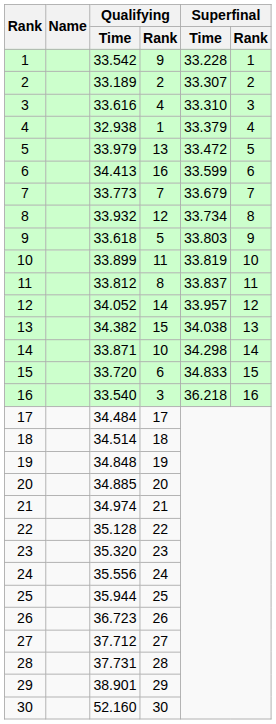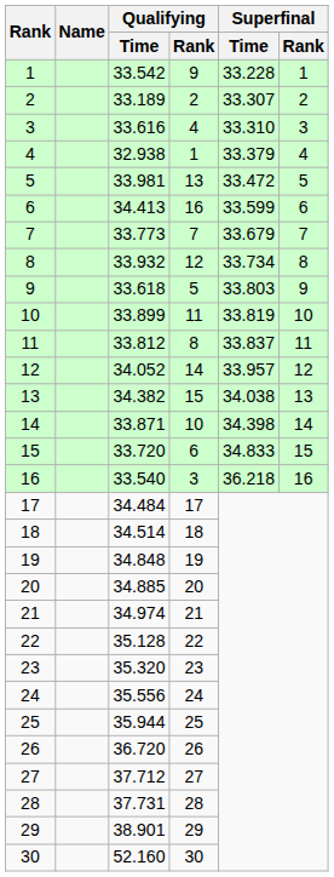 <table class="sortable wikitable" style="text-align:center;">
 <tr>
 <th rowspan=2>Rank</th>
 <th rowspan=2>Name</th>
 <th colspan=2>Qualifying</th>
 <th colspan=2>Superfinal</th>
 </tr>
 <tr>
 <th>Time</th>
 <th>Rank</th>
 <th>Time</th>
 <th>Rank</th>
 </tr>
 <tr bgcolor=ccffcc>
 <td>1</td>
 <td align=left></td>
 <td>33.542</td>
 <td>9</td>
 <td>33.228</td>
 <td>1</td>
 </tr>
 <tr bgcolor=ccffcc>
 <td>2</td>
 <td align=left></td>
 <td>33.189</td>
 <td>2</td>
 <td>33.307</td>
 <td>2</td>
 </tr>
 <tr bgcolor=ccffcc>
 <td>3</td>
 <td align=left></td>
 <td>33.616</td>
 <td>4</td>
 <td>33.310</td>
 <td>3</td>
 </tr>
 <tr bgcolor=ccffcc>
 <td>4</td>
 <td align=left></td>
 <td>32.938</td>
 <td>1</td>
 <td>33.379</td>
 <td>4</td>
 </tr>
 <tr bgcolor=ccffcc>
 <td>5</td>
 <td align=left></td>
-<td>33.979</td>
+<td>33.981</td>
 <td>13</td>
 <td>33.472</td>
 <td>5</td>
 </tr>
 <tr bgcolor=ccffcc>
 <td>6</td>
 <td align=left></td>
 <td>34.413</td>
 <td>16</td>
 <td>33.599</td>
 <td>6</td>
 </tr>
 <tr bgcolor=ccffcc>
 <td>7</td>
 <td align=left></td>
 <td>33.773</td>
 <td>7</td>
 <td>33.679</td>
 <td>7</td>
 </tr>
 <tr bgcolor=ccffcc>
 <td>8</td>
 <td align=left></td>
 <td>33.932</td>
 <td>12</td>
 <td>33.734</td>
 <td>8</td>
 </tr>
 <tr bgcolor=ccffcc>
 <td>9</td>
 <td align=left></td>
 <td>33.618</td>
 <td>5</td>
 <td>33.803</td>
 <td>9</td>
 </tr>
 <tr bgcolor=ccffcc>
 <td>10</td>
 <td align=left></td>
 <td>33.899</td>
 <td>11</td>
 <td>33.819</td>
 <td>10</td>
 </tr>
 <tr bgcolor=ccffcc>
 <td>11</td>
 <td align=left></td>
 <td>33.812</td>
 <td>8</td>
 <td>33.837</td>
 <td>11</td>
 </tr>
 <tr bgcolor=ccffcc>
 <td>12</td>
 <td align=left></td>
 <td>34.052</td>
 <td>14</td>
 <td>33.957</td>
 <td>12</td>
 </tr>
 <tr bgcolor=ccffcc>
 <td>13</td>
 <td align=left></td>
 <td>34.382</td>
 <td>15</td>
 <td>34.038</td>
 <td>13</td>
 </tr>
 <tr bgcolor=ccffcc>
 <td>14</td>
 <td align=left></td>
 <td>33.871</td>
 <td>10</td>
-<td>34.298</td>
+<td>34.398</td>
 <td>14</td>
 </tr>
 <tr bgcolor=ccffcc>
 <td>15</td>
 <td align=left></td>
 <td>33.720</td>
 <td>6</td>
 <td>34.833</td>
 <td>15</td>
 </tr>
 <tr bgcolor=ccffcc>
 <td>16</td>
 <td align=left></td>
 <td>33.540</td>
 <td>3</td>
 <td>36.218</td>
 <td>16</td>
 </tr>
 <tr>
 <td>17</td>
 <td align=left></td>
 <td>34.484</td>
 <td>17</td>
 <td colspan=2 rowspan=14></td>
 </tr>
 <tr>
 <td>18</td>
 <td align=left></td>
 <td>34.514</td>
 <td>18</td>
 </tr>
 <tr>
 <td>19</td>
 <td align=left></td>
 <td>34.848</td>
 <td>19</td>
 </tr>
 <tr>
 <td>20</td>
 <td align=left></td>
 <td>34.885</td>
 <td>20</td>
 </tr>
 <tr>
 <td>21</td>
 <td align=left></td>
 <td>34.974</td>
 <td>21</td>
 </tr>
 <tr>
 <td>22</td>
 <td align=left></td>
 <td>35.128</td>
 <td>22</td>
 </tr>
 <tr>
 <td>23</td>
 <td align=left></td>
 <td>35.320</td>
 <td>23</td>
 </tr>
 <tr>
 <td>24</td>
 <td align=left></td>
 <td>35.556</td>
 <td>24</td>
 </tr>
 <tr>
 <td>25</td>
 <td align=left></td>
 <td>35.944</td>
 <td>25</td>
 </tr>
 <tr>
 <td>26</td>
 <td align=left></td>
-<td>36.723</td>
+<td>36.720</td>
 <td>26</td>
 </tr>
 <tr>
 <td>27</td>
 <td align=left></td>
 <td>37.712</td>
 <td>27</td>
 </tr>
 <tr>
 <td>28</td>
 <td align=left></td>
 <td>37.731</td>
 <td>28</td>
 </tr>
 <tr>
 <td>29</td>
 <td align=left></td>
 <td>38.901</td>
 <td>29</td>
 </tr>
 <tr>
 <td>30</td>
 <td align=left></td>
 <td>52.160</td>
 <td>30</td>
 </tr>
 </table>
